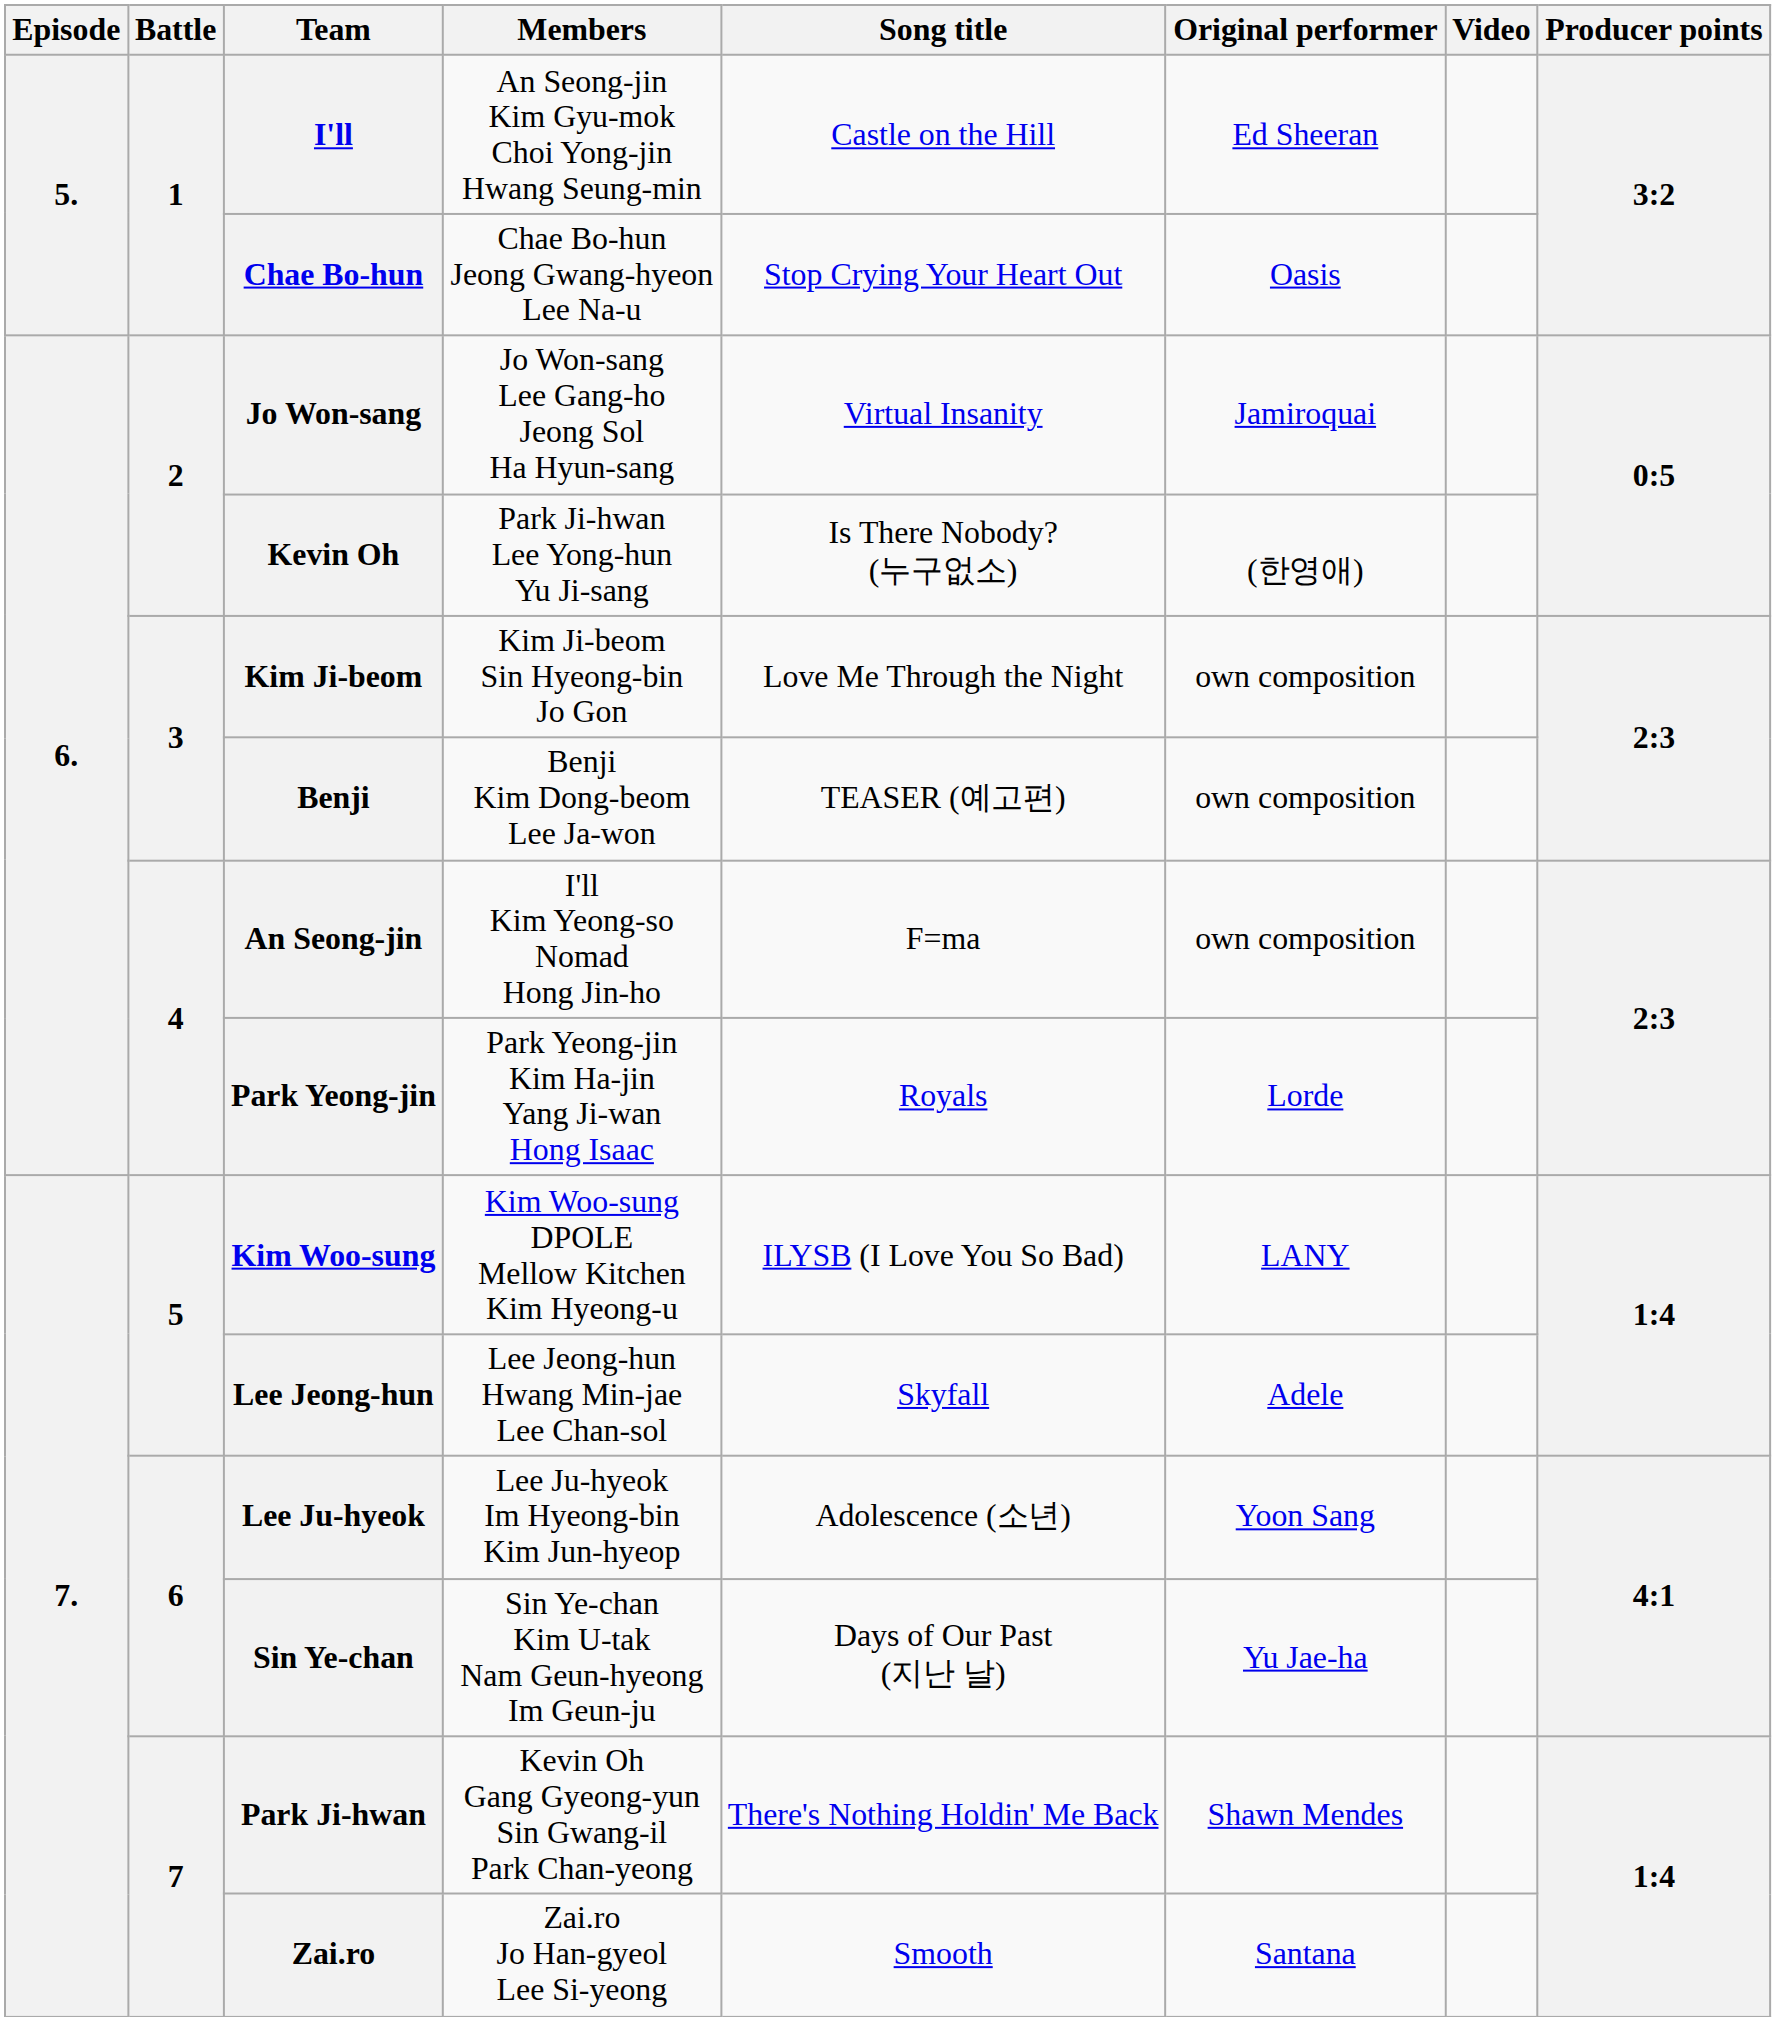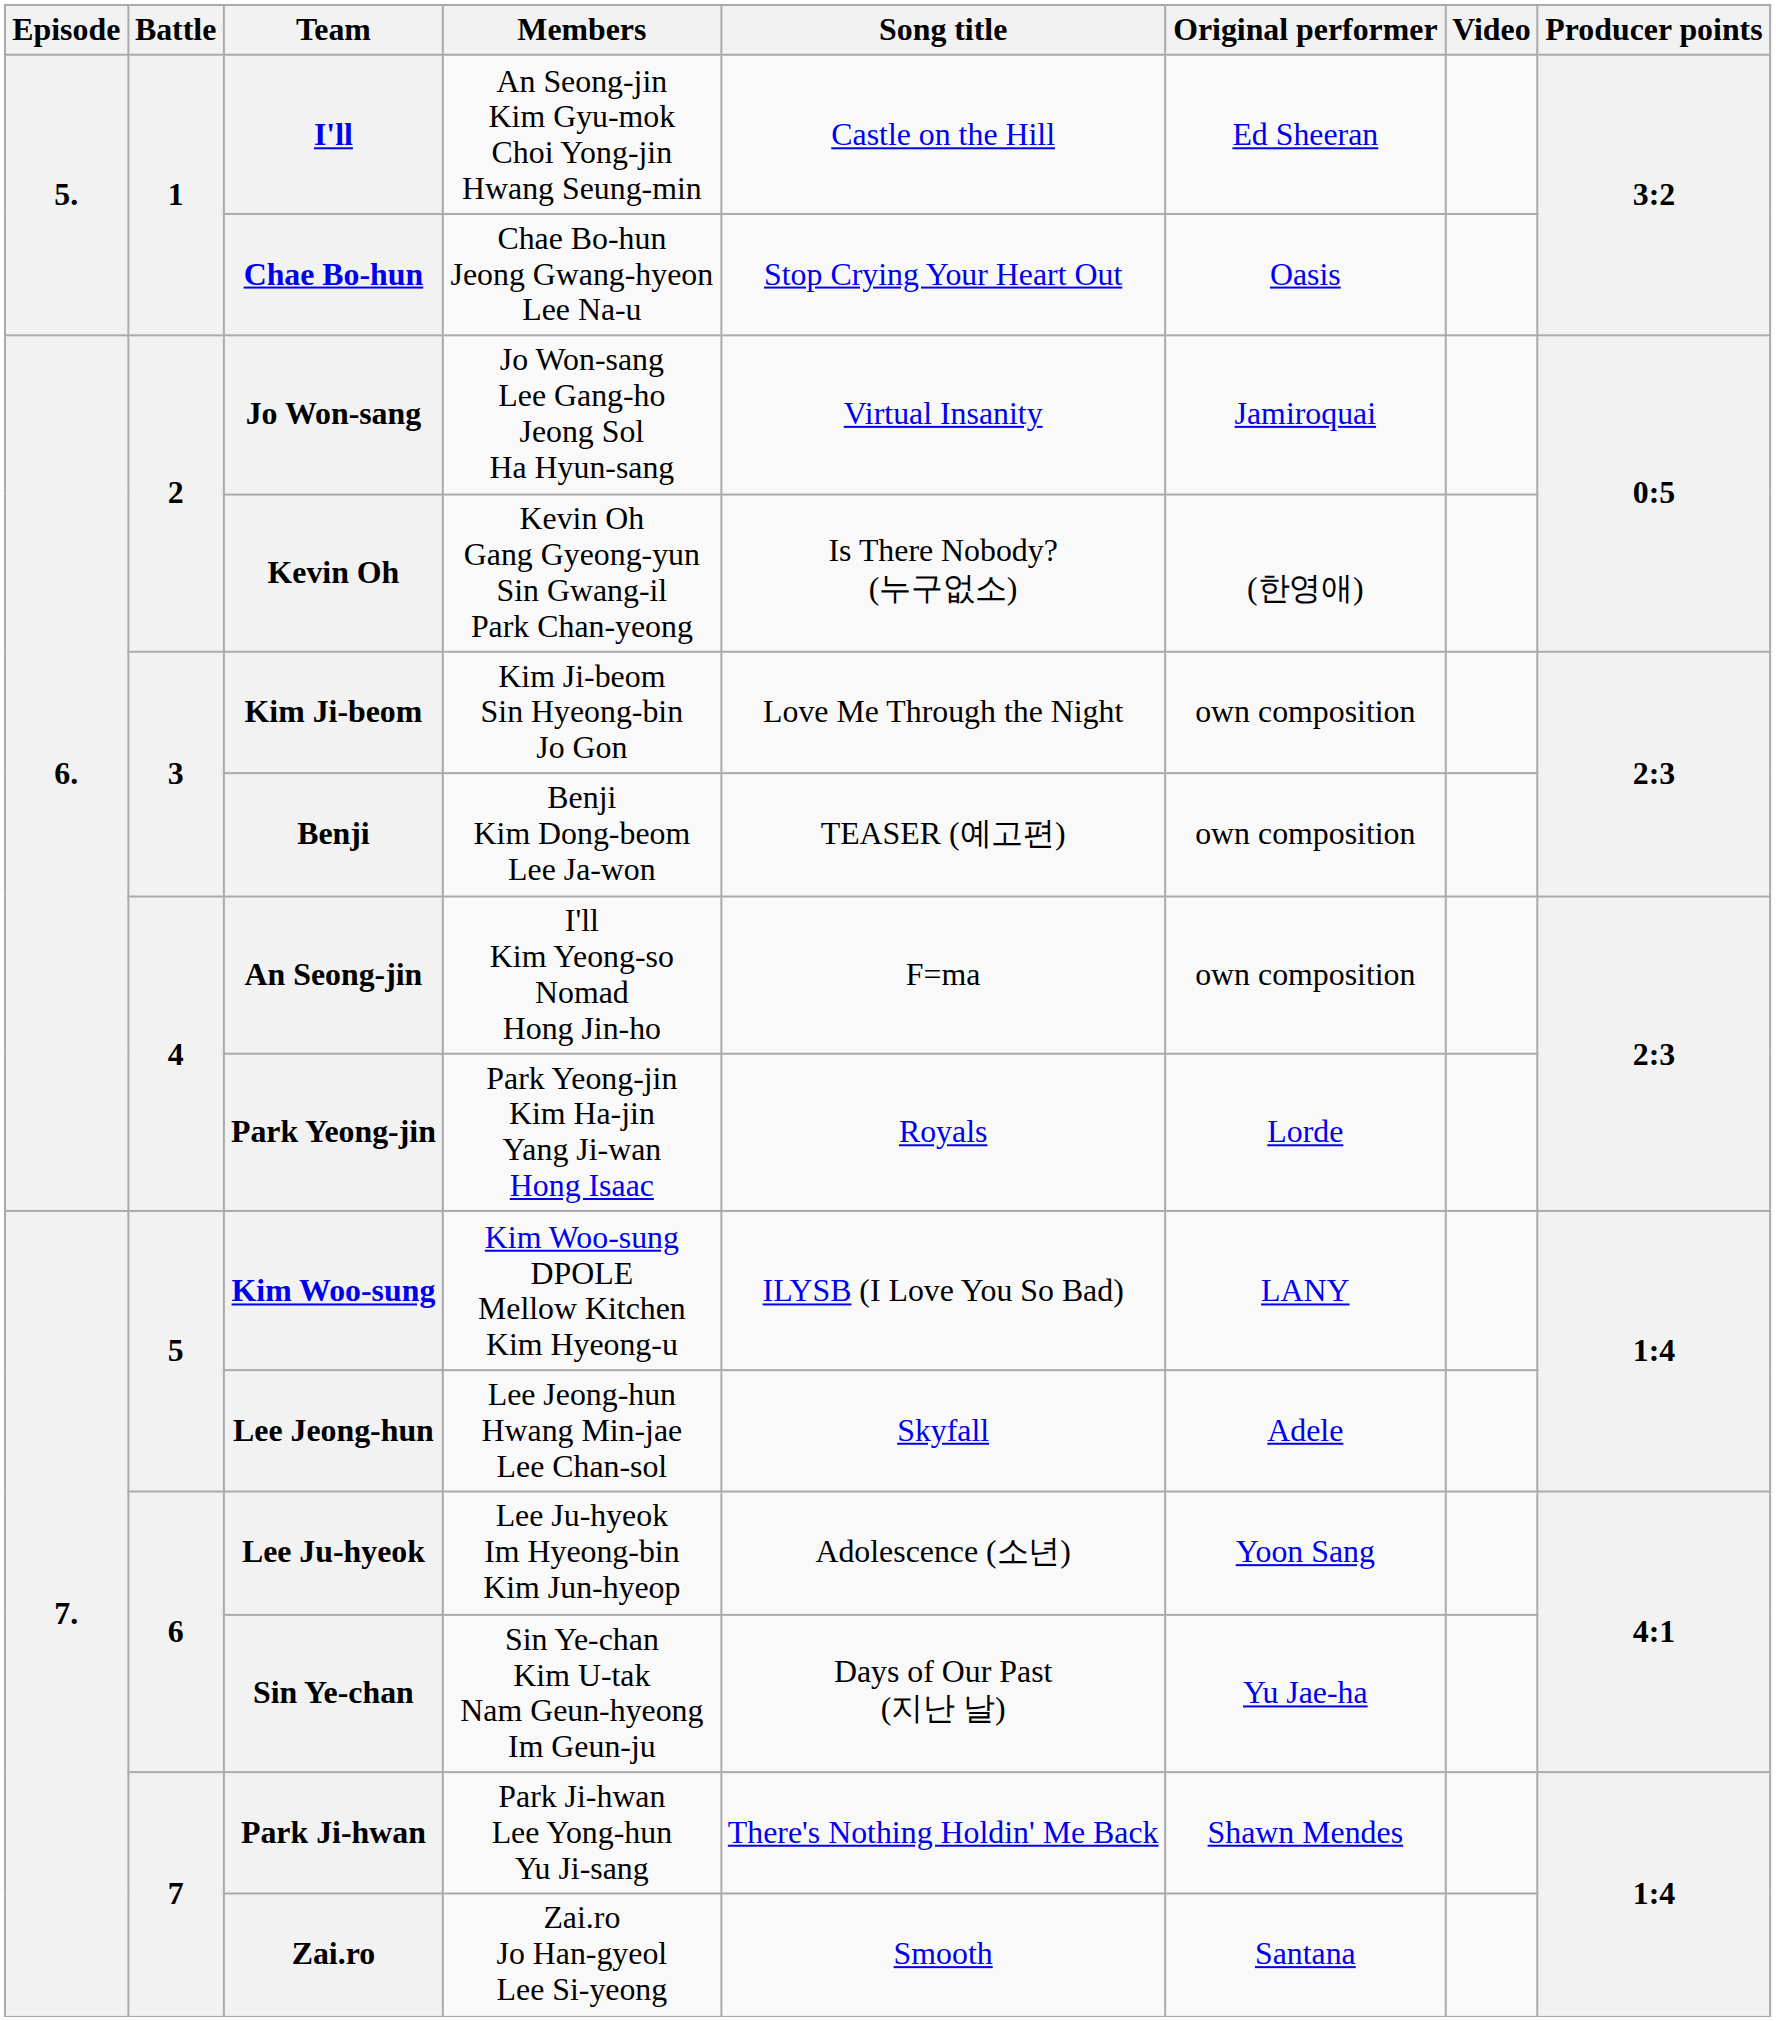 <table class="wikitable plainrowheaders sortable" style="text-align:center;">
 <tr>
 <th>Episode</th>
 <th>Battle</th>
 <th>Team</th>
 <th>Members</th>
 <th>Song title</th>
 <th>Original performer</th>
 <th>Video</th>
 <th>Producer points</th>
 </tr>
 <tr align="center">
 <th rowspan="2">5.</th>
 <th rowspan="2">1</th>
 <th><a href='#'>I'll</a></th>
 <td>An Seong-jin<br>Kim Gyu-mok<br>Choi Yong-jin<br>Hwang Seung-min</td>
 <td><a href='#'>Castle on the Hill</a></td>
 <td><a href='#'>Ed Sheeran</a></td>
 <td></td>
 <th rowspan=2>3:2</th>
 </tr>
 <tr align="center">
 <th><a href='#'>Chae Bo-hun</a></th>
 <td>Chae Bo-hun<br>Jeong Gwang-hyeon<br>Lee Na-u</td>
 <td><a href='#'>Stop Crying Your Heart Out</a></td>
 <td><a href='#'>Oasis</a></td>
 <td></td>
 </tr>
 <tr align="center">
 <th rowspan="6">6.</th>
 <th rowspan="2">2</th>
 <th>Jo Won-sang</th>
 <td>Jo Won-sang<br>Lee Gang-ho<br>Jeong Sol<br>Ha Hyun-sang</td>
 <td><a href='#'>Virtual Insanity</a></td>
 <td><a href='#'>Jamiroquai</a></td>
 <td></td>
 <th rowspan=2>0:5</th>
 </tr>
 <tr align="center">
 <th>Kevin Oh</th>
-<td>Park Ji-hwan<br>Lee Yong-hun<br>Yu Ji-sang</td>
+<td>Kevin Oh<br>Gang Gyeong-yun<br>Sin Gwang-il<br>Park Chan-yeong</td>
 <td>Is There Nobody?<br>(누구없소)</td>
 <td><br> (한영애)</td>
 <td></td>
 </tr>
 <tr align="center">
 <th rowspan="2">3</th>
 <th>Kim Ji-beom</th>
 <td>Kim Ji-beom<br>Sin Hyeong-bin<br>Jo Gon</td>
 <td>Love Me Through the Night</td>
 <td>own composition</td>
 <td></td>
 <th rowspan=2>2:3</th>
 </tr>
 <tr align="center">
 <th>Benji</th>
 <td>Benji<br>Kim Dong-beom<br>Lee Ja-won</td>
 <td>TEASER (예고편)</td>
 <td>own composition</td>
 <td></td>
 </tr>
 <tr align="center">
 <th rowspan="2">4</th>
 <th>An Seong-jin</th>
 <td>I'll<br>Kim Yeong-so<br>Nomad<br>Hong Jin-ho</td>
 <td>F=ma</td>
 <td>own composition</td>
 <td></td>
 <th rowspan=2>2:3</th>
 </tr>
 <tr align="center">
 <th>Park Yeong-jin</th>
 <td>Park Yeong-jin<br>Kim Ha-jin<br>Yang Ji-wan<br><a href='#'>Hong Isaac</a></td>
 <td><a href='#'>Royals</a></td>
 <td><a href='#'>Lorde</a></td>
 <td></td>
 </tr>
 <tr align="center">
 <th rowspan="6">7.</th>
 <th rowspan="2">5</th>
 <th><a href='#'>Kim Woo-sung</a></th>
 <td><a href='#'>Kim Woo-sung</a><br>DPOLE<br>Mellow Kitchen<br>Kim Hyeong-u</td>
 <td><a href='#'>ILYSB</a> (I Love You So Bad)</td>
 <td><a href='#'>LANY</a></td>
 <td></td>
 <th rowspan=2>1:4</th>
 </tr>
 <tr align="center">
 <th>Lee Jeong-hun</th>
 <td>Lee Jeong-hun<br>Hwang Min-jae<br>Lee Chan-sol</td>
 <td><a href='#'>Skyfall</a></td>
 <td><a href='#'>Adele</a></td>
 <td></td>
 </tr>
 <tr align="center">
 <th rowspan="2">6</th>
 <th>Lee Ju-hyeok</th>
 <td>Lee Ju-hyeok<br>Im Hyeong-bin<br>Kim Jun-hyeop</td>
 <td>Adolescence (소년)</td>
 <td><a href='#'>Yoon Sang</a></td>
 <td></td>
 <th rowspan=2>4:1</th>
 </tr>
 <tr align="center">
 <th>Sin Ye-chan</th>
 <td>Sin Ye-chan<br>Kim U-tak<br>Nam Geun-hyeong<br>Im Geun-ju</td>
 <td>Days of Our Past<br>(지난 날)</td>
 <td><a href='#'>Yu Jae-ha</a></td>
 <td></td>
 </tr>
 <tr align="center">
 <th rowspan="2">7</th>
 <th>Park Ji-hwan</th>
-<td>Kevin Oh<br>Gang Gyeong-yun<br>Sin Gwang-il<br>Park Chan-yeong</td>
+<td>Park Ji-hwan<br>Lee Yong-hun<br>Yu Ji-sang</td>
 <td><a href='#'>There's Nothing Holdin' Me Back</a></td>
 <td><a href='#'>Shawn Mendes</a></td>
 <td></td>
 <th rowspan=2>1:4</th>
 </tr>
 <tr align="center">
 <th>Zai.ro</th>
 <td>Zai.ro<br>Jo Han-gyeol<br>Lee Si-yeong</td>
 <td><a href='#'>Smooth</a></td>
 <td><a href='#'>Santana</a></td>
 <td></td>
 </tr>
 </table>
